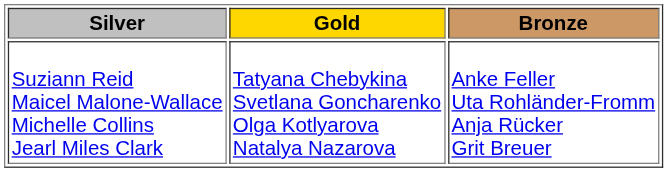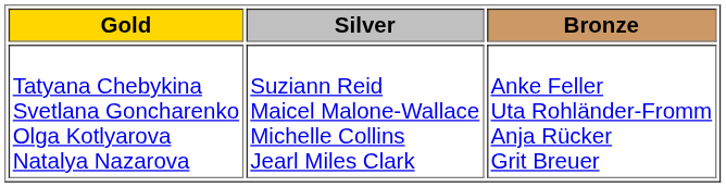 <table border="1" Cellpadding="2">
 <tr>
+<td style="text-align:center;background-color:gold;"><strong>Gold</strong></td>
 <td style="text-align:center;background-color:silver;"><strong>Silver</strong></td>
-<td style="text-align:center;background-color:gold;"><strong>Gold</strong></td>
 <td style="text-align:center;background-color:#CC9966;"><strong>Bronze</strong></td>
 </tr>
 <tr>
+<td><br><a href='#'>Tatyana Chebykina</a><br><a href='#'>Svetlana Goncharenko</a><br><a href='#'>Olga Kotlyarova</a><br><a href='#'>Natalya Nazarova</a></td>
 <td><br><a href='#'>Suziann Reid</a><br><a href='#'>Maicel Malone-Wallace</a><br><a href='#'>Michelle Collins</a><br><a href='#'>Jearl Miles Clark</a></td>
-<td><br><a href='#'>Tatyana Chebykina</a><br><a href='#'>Svetlana Goncharenko</a><br><a href='#'>Olga Kotlyarova</a><br><a href='#'>Natalya Nazarova</a></td>
 <td><br><a href='#'>Anke Feller</a><br><a href='#'>Uta Rohländer-Fromm</a><br><a href='#'>Anja Rücker</a><br><a href='#'>Grit Breuer</a></td>
 </tr>
 </table>
